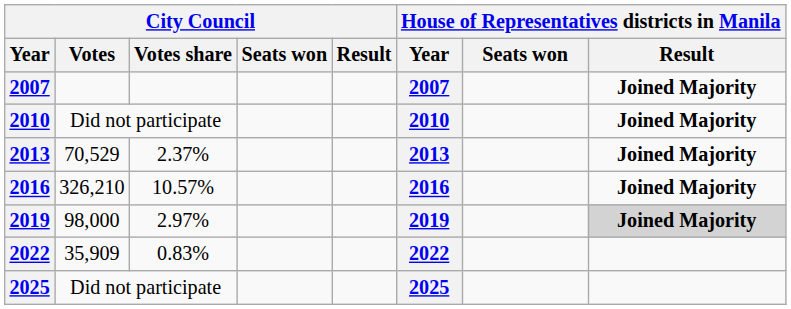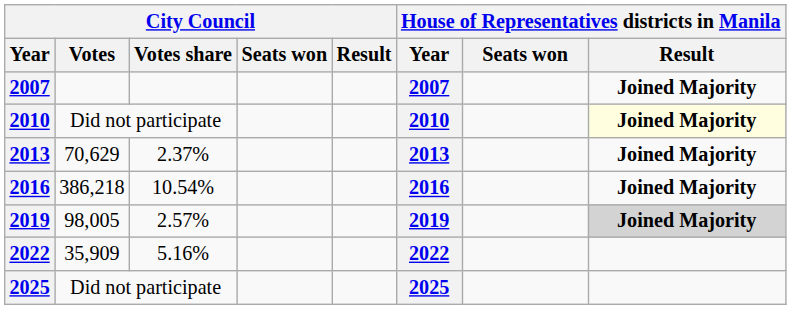 <table class="wikitable" style="text-align:center; font-size:90%">
 <tr>
 <th colspan="5"><a href='#'>City Council</a></th>
 <th colspan="3"><a href='#'>House of Representatives</a> districts in <a href='#'>Manila</a></th>
 </tr>
 <tr>
 <th>Year</th>
 <th>Votes</th>
 <th>Votes share</th>
 <th>Seats won</th>
 <th>Result</th>
 <th>Year</th>
 <th>Seats won</th>
 <th>Result</th>
 </tr>
 <tr>
 <th><a href='#'>2007</a></th>
 <td></td>
 <td></td>
 <td></td>
 <td></td>
 <th><a href='#'>2007</a></th>
 <td></td>
 <td><strong>Joined Majority</strong></td>
 </tr>
 <tr>
 <th><a href='#'>2010</a></th>
 <td colspan="2">Did not participate</td>
 <td></td>
 <td></td>
 <th><a href='#'>2010</a></th>
 <td></td>
-<td><strong>Joined Majority</strong></td>
+<td style="background: lightyellow;"><strong>Joined Majority</strong></td>
 </tr>
 <tr>
 <th><a href='#'>2013</a></th>
-<td>70,529</td>
+<td>70,629</td>
 <td>2.37%</td>
 <td></td>
 <td></td>
 <th><a href='#'>2013</a></th>
 <td></td>
 <td><strong>Joined Majority</strong></td>
 </tr>
 <tr>
 <th><a href='#'>2016</a></th>
-<td>326,210</td>
-<td>10.57%</td>
+<td>386,218</td>
+<td>10.54%</td>
 <td></td>
 <td></td>
 <th><a href='#'>2016</a></th>
 <td></td>
 <td><strong>Joined Majority</strong></td>
 </tr>
 <tr>
 <th><a href='#'>2019</a></th>
-<td>98,000</td>
-<td>2.97%</td>
+<td>98,005</td>
+<td>2.57%</td>
 <td></td>
 <td></td>
 <th><a href='#'>2019</a></th>
 <td></td>
 <td style="background: lightgrey;"><strong>Joined Majority</strong></td>
 </tr>
 <tr>
 <th><a href='#'>2022</a></th>
 <td>35,909</td>
-<td>0.83%</td>
+<td>5.16%</td>
 <td></td>
 <td></td>
 <th><a href='#'>2022</a></th>
 <td></td>
 <td></td>
 </tr>
 <tr>
 <th><a href='#'>2025</a></th>
 <td colspan="2">Did not participate</td>
 <td></td>
 <td></td>
 <th><a href='#'>2025</a></th>
 <td></td>
 <td></td>
 </tr>
 </table>
